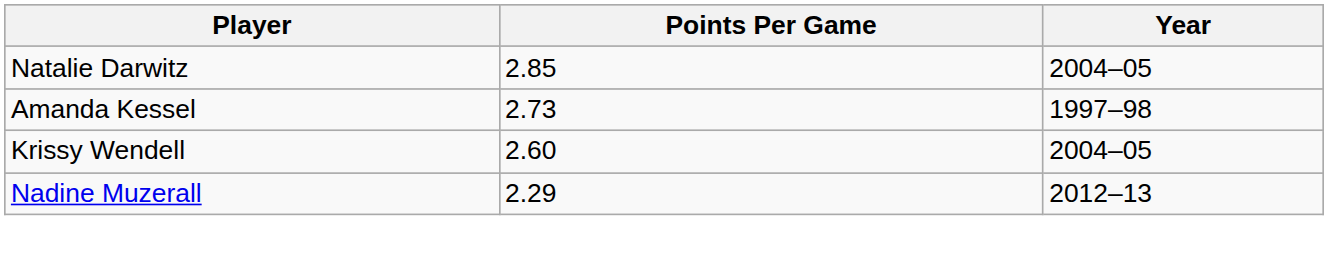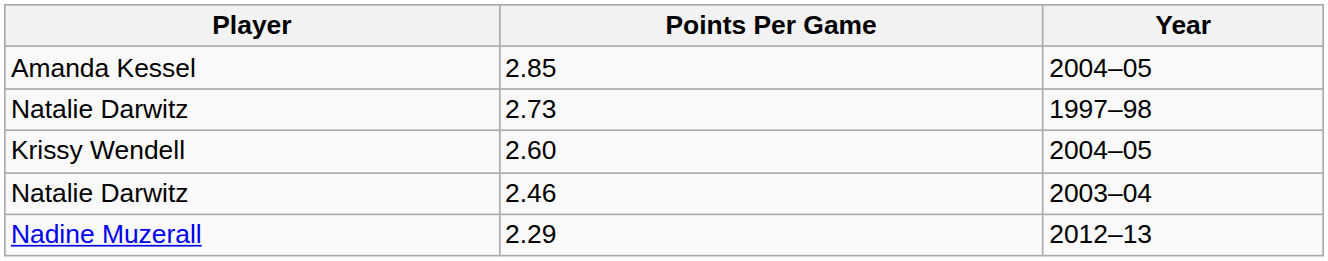 <table class="wikitable" style="width: 50em">
 <tr>
 <th>Player</th>
 <th>Points Per Game</th>
 <th>Year</th>
 </tr>
 <tr>
-<td>Natalie Darwitz</td>
+<td>Amanda Kessel</td>
 <td>2.85</td>
 <td>2004–05</td>
 </tr>
 <tr>
-<td>Amanda Kessel</td>
+<td>Natalie Darwitz</td>
 <td>2.73</td>
 <td>1997–98</td>
 </tr>
 <tr>
 <td>Krissy Wendell</td>
 <td>2.60</td>
 <td>2004–05</td>
 </tr>
 <tr>
+<td>Natalie Darwitz</td>
+<td>2.46</td>
+<td>2003–04</td>
+</tr>
+<tr>
 <td><a href='#'>Nadine Muzerall</a></td>
 <td>2.29</td>
 <td>2012–13</td>
 </tr>
 </table>
